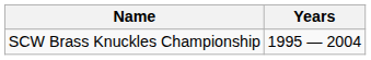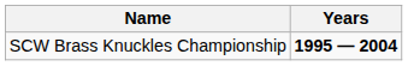 <table class="wikitable" border="1">
 <tr>
 <th>Name</th>
 <th>Years</th>
 </tr>
 <tr>
 <td>SCW Brass Knuckles Championship</td>
-<td>1995 — 2004</td>
+<td><strong>1995 — 2004</strong></td>
 </tr>
 </table>
